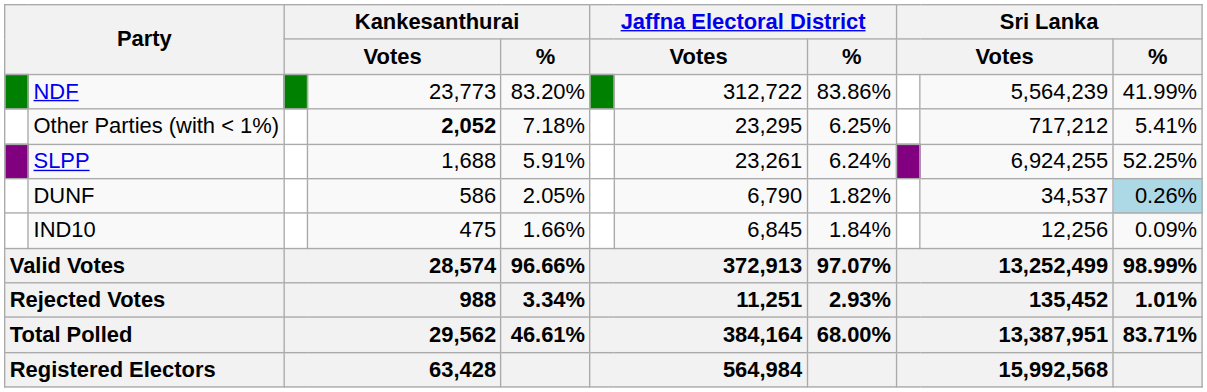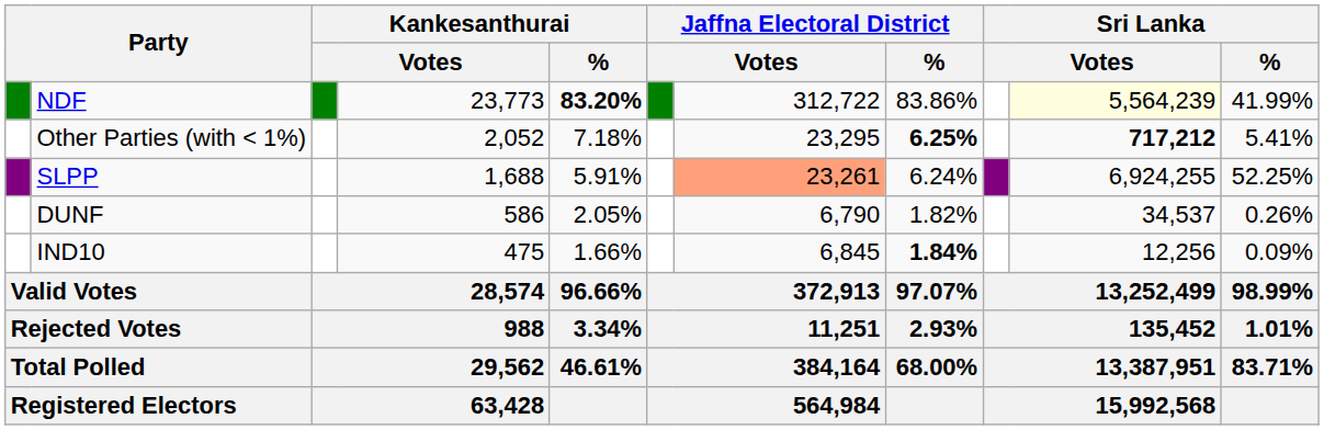 <table class="wikitable">
 <tr>
 <th colspan="2" width="144px"rowspan="2">Party</th>
 <th colspan="3" width="216px">Kankesanthurai</th>
 <th colspan="3" width="216px"><a href='#'>Jaffna Electoral District</a></th>
 <th colspan="3" width="216px">Sri Lanka</th>
 </tr>
 <tr>
 <th colspan="2" width="144px">Votes</th>
 <th>%</th>
 <th colspan="2" width="144px">Votes</th>
 <th>%</th>
 <th colspan="2" width="144px">Votes</th>
 <th>%</th>
 </tr>
 <tr>
 <td style="background-color:green;" width="10px"></td>
 <td style="text-align:left;"><a href='#'>NDF</a></td>
 <td style="background-color:green;" width="10px"></td>
 <td style="text-align:right;">23,773</td>
-<td style="text-align:right;">83.20%</td>
+<td style="text-align:right;"><strong>83.20%</strong></td>
 <td style="background-color:green;" width="10px"></td>
 <td style="text-align:right;">312,722</td>
 <td style="text-align:right;">83.86%</td>
 <td style="background-color:white;" width="10px"></td>
-<td style="text-align:right;">5,564,239</td>
+<td style="background: lightyellow; text-align:right;">5,564,239</td>
 <td style="text-align:right;">41.99%</td>
 </tr>
 <tr>
 <td style="background-color:white;" width="10px"></td>
 <td style="text-align:left;">Other Parties (with < 1%)</td>
 <td style="background-color:white;" width="10px"></td>
-<td style="text-align:right;"><strong>2,052</strong></td>
+<td style="text-align:right;">2,052</td>
 <td style="text-align:right;">7.18%</td>
 <td style="background-color:white;" width="10px"></td>
 <td style="text-align:right;">23,295</td>
-<td style="text-align:right;">6.25%</td>
+<td style="text-align:right;"><strong>6.25%</strong></td>
 <td style="background-color:white;" width="10px"></td>
-<td style="text-align:right;">717,212</td>
+<td style="text-align:right;"><strong>717,212</strong></td>
 <td style="text-align:right;">5.41%</td>
 </tr>
 <tr>
 <td style="background-color:purple;" width="10px"></td>
 <td style="text-align:left;"><a href='#'>SLPP</a></td>
 <td style="background-color:white;" width="10px"></td>
 <td style="text-align:right;">1,688</td>
 <td style="text-align:right;">5.91%</td>
 <td style="background-color:white;" width="10px"></td>
-<td style="text-align:right;">23,261</td>
+<td style="background: lightsalmon; text-align:right;">23,261</td>
 <td style="text-align:right;">6.24%</td>
 <td style="background-color:purple;" width="10px"></td>
 <td style="text-align:right;">6,924,255</td>
 <td style="text-align:right;">52.25%</td>
 </tr>
 <tr>
 <td style="background-color:white;" width="10px"></td>
 <td style="text-align:left;">DUNF</td>
 <td style="background-color:white;" width="10px"></td>
 <td style="text-align:right;">586</td>
 <td style="text-align:right;">2.05%</td>
 <td style="background-color:white;" width="10px"></td>
 <td style="text-align:right;">6,790</td>
 <td style="text-align:right;">1.82%</td>
 <td style="background-color:white;" width="10px"></td>
 <td style="text-align:right;">34,537</td>
-<td style="background: lightblue; text-align:right;">0.26%</td>
+<td style="text-align:right;">0.26%</td>
 </tr>
 <tr>
 <td style="background-color:white;" width="10px"></td>
 <td style="text-align:left;">IND10</td>
 <td style="background-color:white;" width="10px"></td>
 <td style="text-align:right;">475</td>
 <td style="text-align:right;">1.66%</td>
 <td style="background-color:white;" width="10px"></td>
 <td style="text-align:right;">6,845</td>
-<td style="text-align:right;">1.84%</td>
+<td style="text-align:right;"><strong>1.84%</strong></td>
 <td style="background-color:white;" width="10px"></td>
 <td style="text-align:right;">12,256</td>
 <td style="text-align:right;">0.09%</td>
 </tr>
 <tr>
 <th colspan="2" width="144px"style="text-align:left;">Valid Votes</th>
 <th style="text-align:right;"colspan="2" width="144px">28,574</th>
 <th style="text-align:right;">96.66%</th>
 <th style="text-align:right;"colspan="2" width="144px">372,913</th>
 <th style="text-align:right;">97.07%</th>
 <th style="text-align:right;"colspan="2" width="144px">13,252,499</th>
 <th style="text-align:right;">98.99%</th>
 </tr>
 <tr>
 <th colspan="2" width="144px"style="text-align:left;">Rejected Votes</th>
 <th style="text-align:right;"colspan="2" width="144px">988</th>
 <th style="text-align:right;">3.34%</th>
 <th style="text-align:right;"colspan="2" width="144px">11,251</th>
 <th style="text-align:right;">2.93%</th>
 <th style="text-align:right;"colspan="2" width="144px">135,452</th>
 <th style="text-align:right;">1.01%</th>
 </tr>
 <tr>
 <th colspan="2" width="144px"style="text-align:left;">Total Polled</th>
 <th style="text-align:right;"colspan="2" width="144px">29,562</th>
 <th style="text-align:right;">46.61%</th>
 <th style="text-align:right;"colspan="2" width="144px">384,164</th>
 <th style="text-align:right;">68.00%</th>
 <th style="text-align:right;"colspan="2" width="144px">13,387,951</th>
 <th style="text-align:right;">83.71%</th>
 </tr>
 <tr>
 <th colspan="2" width="144px"style="text-align:left;">Registered Electors</th>
 <th style="text-align:right;"colspan="2" width="144px">63,428</th>
 <th></th>
 <th style="text-align:right;"colspan="2" width="144px">564,984</th>
 <th></th>
 <th style="text-align:right;"colspan="2" width="144px">15,992,568</th>
 <th></th>
 </tr>
 </table>
